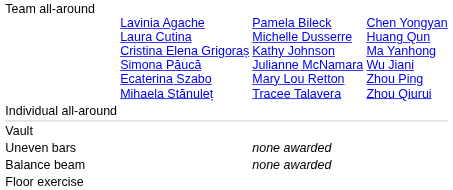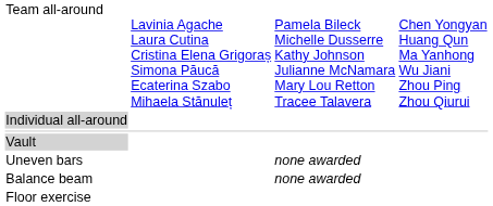 <table>
 <tr valign="top">
 <td>Team all-around<br></td>
 <td><br><a href='#'>Lavinia Agache</a><br><a href='#'>Laura Cutina</a><br><a href='#'>Cristina Elena Grigoraș</a><br><a href='#'>Simona Păucă</a><br><a href='#'>Ecaterina Szabo</a><br><a href='#'>Mihaela Stănuleț</a></td>
 <td><br><a href='#'>Pamela Bileck</a><br><a href='#'>Michelle Dusserre</a><br><a href='#'>Kathy Johnson</a><br><a href='#'>Julianne McNamara</a><br><a href='#'>Mary Lou Retton</a><br><a href='#'>Tracee Talavera</a></td>
 <td><br><a href='#'>Chen Yongyan</a><br><a href='#'>Huang Qun</a><br><a href='#'>Ma Yanhong</a><br><a href='#'>Wu Jiani</a><br><a href='#'>Zhou Ping</a><br><a href='#'>Zhou Qiurui</a></td>
 </tr>
 <tr valign="top">
-<td>Individual all-around<br></td>
+<td style="background: lightgrey;">Individual all-around<br></td>
 <td></td>
 <td></td>
 <td></td>
 </tr>
 <tr bgcolor=#DDDDDD>
 <td colspan=7></td>
 </tr>
 <tr valign="top">
-<td>Vault<br></td>
+<td style="background: lightgrey;">Vault<br></td>
 <td></td>
 <td></td>
 <td></td>
 </tr>
 <tr valign="top">
 <td rowspan=2>Uneven bars<br></td>
 <td></td>
 <td rowspan=2><em>none awarded</em></td>
 <td rowspan=2></td>
 </tr>
 <tr>
 <td></td>
 </tr>
 <tr valign="top">
 <td rowspan=2>Balance beam<br></td>
 <td></td>
 <td rowspan=2><em>none awarded</em></td>
 <td rowspan=2></td>
 </tr>
 <tr>
 <td></td>
 </tr>
 <tr valign="top">
 <td>Floor exercise<br></td>
 <td></td>
 <td></td>
 <td></td>
 </tr>
 </table>
